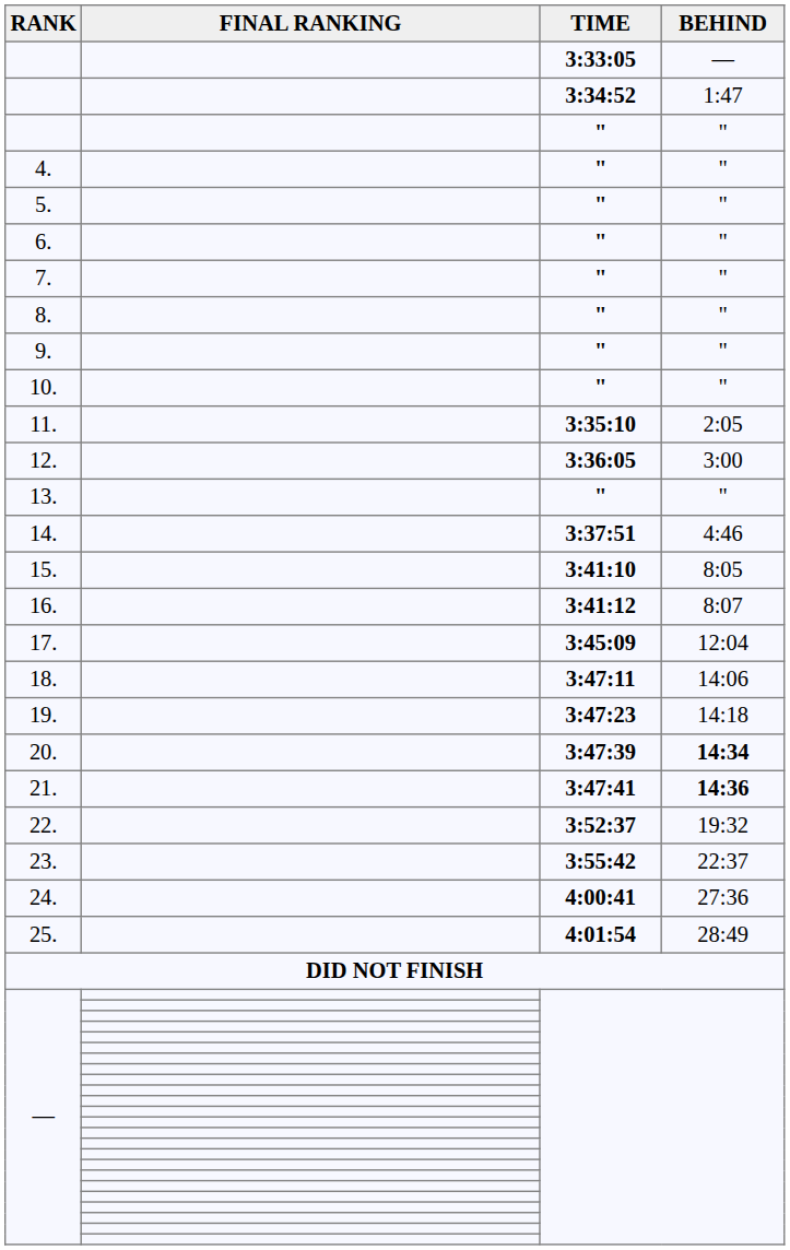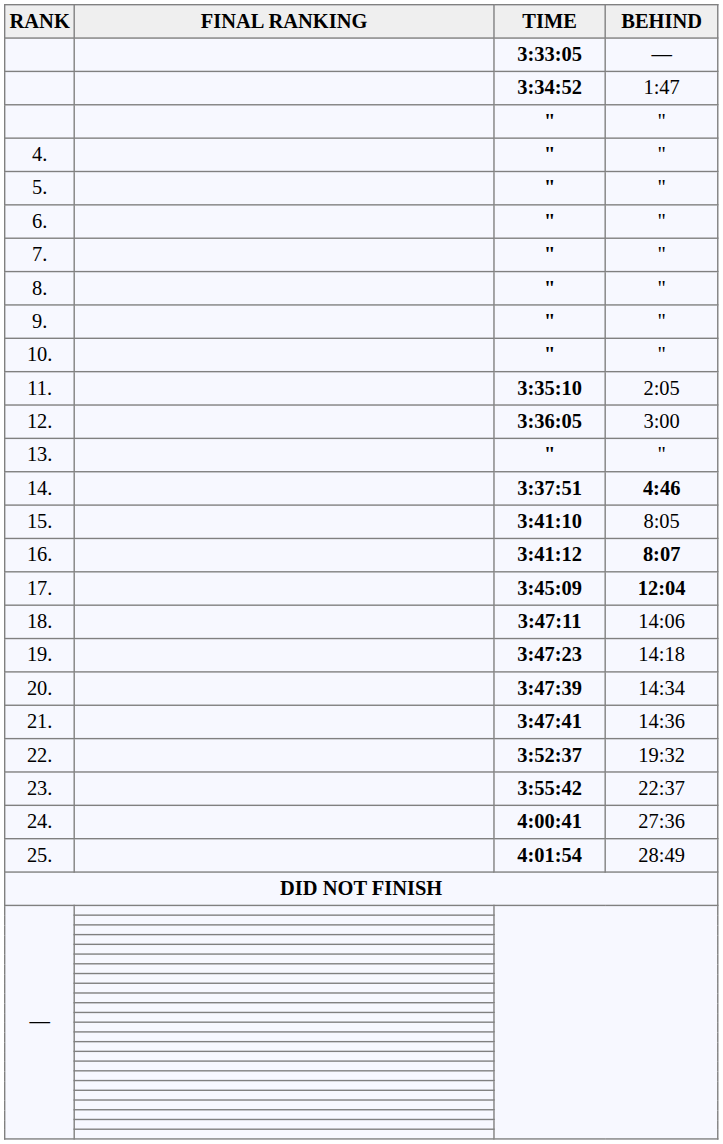 <table cellpadding="3" cellspacing="0" border="1" style="background:#f7f8ff; font-size:92%; border:gray solid 1,5px; border-collapse:collapse;">
 <tr style="background:#efefef;">
 <th>RANK</th>
 <th style="text-align:center; width:20em;">FINAL RANKING</th>
 <th style="text-align:center; width:5em;">TIME</th>
 <th style="text-align:center; width:5em;">BEHIND</th>
 </tr>
 <tr>
 <td style="text-align:center;"></td>
 <td></td>
 <td style="text-align:center;"><strong>3:33:05</strong></td>
 <td style="text-align:center;">—</td>
 </tr>
 <tr>
 <td style="text-align:center;"></td>
 <td></td>
 <td style="text-align:center;"><strong>3:34:52</strong></td>
 <td style="text-align:center;">1:47</td>
 </tr>
 <tr>
 <td style="text-align:center;"></td>
 <td></td>
 <td style="text-align:center;"><strong>"</strong></td>
 <td style="text-align:center;">"</td>
 </tr>
 <tr>
 <td style="text-align:center;">4.</td>
 <td></td>
 <td style="text-align:center;"><strong>"</strong></td>
 <td style="text-align:center;">"</td>
 </tr>
 <tr>
 <td style="text-align:center;">5.</td>
 <td></td>
 <td style="text-align:center;"><strong>"</strong></td>
 <td style="text-align:center;">"</td>
 </tr>
 <tr>
 <td style="text-align:center;">6.</td>
 <td></td>
 <td style="text-align:center;"><strong>"</strong></td>
 <td style="text-align:center;">"</td>
 </tr>
 <tr>
 <td style="text-align:center;">7.</td>
 <td></td>
 <td style="text-align:center;"><strong>"</strong></td>
 <td style="text-align:center;">"</td>
 </tr>
 <tr>
 <td style="text-align:center;">8.</td>
 <td></td>
 <td style="text-align:center;"><strong>"</strong></td>
 <td style="text-align:center;">"</td>
 </tr>
 <tr>
 <td style="text-align:center;">9.</td>
 <td></td>
 <td style="text-align:center;"><strong>"</strong></td>
 <td style="text-align:center;">"</td>
 </tr>
 <tr>
 <td style="text-align:center;">10.</td>
 <td></td>
 <td style="text-align:center;"><strong>"</strong></td>
 <td style="text-align:center;">"</td>
 </tr>
 <tr>
 <td style="text-align:center;">11.</td>
 <td></td>
 <td style="text-align:center;"><strong>3:35:10</strong></td>
 <td style="text-align:center;">2:05</td>
 </tr>
 <tr>
 <td style="text-align:center;">12.</td>
 <td></td>
 <td style="text-align:center;"><strong>3:36:05</strong></td>
 <td style="text-align:center;">3:00</td>
 </tr>
 <tr>
 <td style="text-align:center;">13.</td>
 <td></td>
 <td style="text-align:center;"><strong>"</strong></td>
 <td style="text-align:center;">"</td>
 </tr>
 <tr>
 <td style="text-align:center;">14.</td>
 <td></td>
 <td style="text-align:center;"><strong>3:37:51</strong></td>
-<td style="text-align:center;">4:46</td>
+<td style="text-align:center;"><strong>4:46</strong></td>
 </tr>
 <tr>
 <td style="text-align:center;">15.</td>
 <td></td>
 <td style="text-align:center;"><strong>3:41:10</strong></td>
 <td style="text-align:center;">8:05</td>
 </tr>
 <tr>
 <td style="text-align:center;">16.</td>
 <td></td>
 <td style="text-align:center;"><strong>3:41:12</strong></td>
-<td style="text-align:center;">8:07</td>
+<td style="text-align:center;"><strong>8:07</strong></td>
 </tr>
 <tr>
 <td style="text-align:center;">17.</td>
 <td></td>
 <td style="text-align:center;"><strong>3:45:09</strong></td>
-<td style="text-align:center;">12:04</td>
+<td style="text-align:center;"><strong>12:04</strong></td>
 </tr>
 <tr>
 <td style="text-align:center;">18.</td>
 <td></td>
 <td style="text-align:center;"><strong>3:47:11</strong></td>
 <td style="text-align:center;">14:06</td>
 </tr>
 <tr>
 <td style="text-align:center;">19.</td>
 <td></td>
 <td style="text-align:center;"><strong>3:47:23</strong></td>
 <td style="text-align:center;">14:18</td>
 </tr>
 <tr>
 <td style="text-align:center;">20.</td>
 <td></td>
 <td style="text-align:center;"><strong>3:47:39</strong></td>
-<td style="text-align:center;"><strong>14:34</strong></td>
+<td style="text-align:center;">14:34</td>
 </tr>
 <tr>
 <td style="text-align:center;">21.</td>
 <td></td>
 <td style="text-align:center;"><strong>3:47:41</strong></td>
-<td style="text-align:center;"><strong>14:36</strong></td>
+<td style="text-align:center;">14:36</td>
 </tr>
 <tr>
 <td style="text-align:center;">22.</td>
 <td></td>
 <td style="text-align:center;"><strong>3:52:37</strong></td>
 <td style="text-align:center;">19:32</td>
 </tr>
 <tr>
 <td style="text-align:center;">23.</td>
 <td></td>
 <td style="text-align:center;"><strong>3:55:42</strong></td>
 <td style="text-align:center;">22:37</td>
 </tr>
 <tr>
 <td style="text-align:center;">24.</td>
 <td></td>
 <td style="text-align:center;"><strong>4:00:41</strong></td>
 <td style="text-align:center;">27:36</td>
 </tr>
 <tr>
 <td style="text-align:center;">25.</td>
 <td></td>
 <td style="text-align:center;"><strong>4:01:54</strong></td>
 <td style="text-align:center;">28:49</td>
 </tr>
 <tr>
 <th colspan="4">DID NOT FINISH</th>
 </tr>
 <tr>
 <td rowspan="24" style="text-align:center;">—</td>
 <td></td>
 </tr>
 <tr>
 <td></td>
 </tr>
 <tr>
 <td></td>
 </tr>
 <tr>
 <td></td>
 </tr>
 <tr>
 <td></td>
 </tr>
 <tr>
 <td></td>
 </tr>
 <tr>
 <td></td>
 </tr>
 <tr>
 <td></td>
 </tr>
 <tr>
 <td></td>
 </tr>
 <tr>
 <td></td>
 </tr>
 <tr>
 <td></td>
 </tr>
 <tr>
 <td></td>
 </tr>
 <tr>
 <td></td>
 </tr>
 <tr>
 <td></td>
 </tr>
 <tr>
 <td></td>
 </tr>
 <tr>
 <td></td>
 </tr>
 <tr>
 <td></td>
 </tr>
 <tr>
 <td></td>
 </tr>
 <tr>
 <td></td>
 </tr>
 <tr>
 <td></td>
 </tr>
 <tr>
 <td></td>
 </tr>
 <tr>
 <td></td>
 </tr>
 <tr>
 <td></td>
 </tr>
 <tr>
 <td></td>
 </tr>
 </table>
